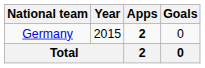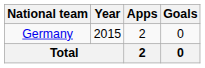 <table class="wikitable" style="text-align:center">
 <tr>
 <th>National team</th>
 <th>Year</th>
 <th>Apps</th>
 <th>Goals</th>
 </tr>
 <tr>
 <td><a href='#'>Germany</a></td>
 <td>2015</td>
-<td><strong>2</strong></td>
+<td>2</td>
 <td>0</td>
 </tr>
 <tr>
 <th colspan="2">Total</th>
 <th>2</th>
 <th>0</th>
 </tr>
 </table>
